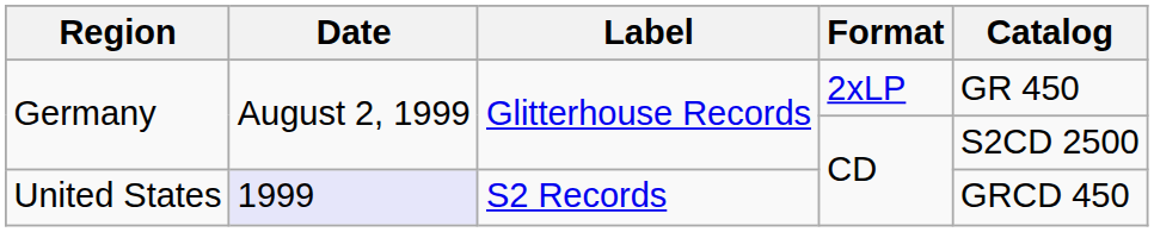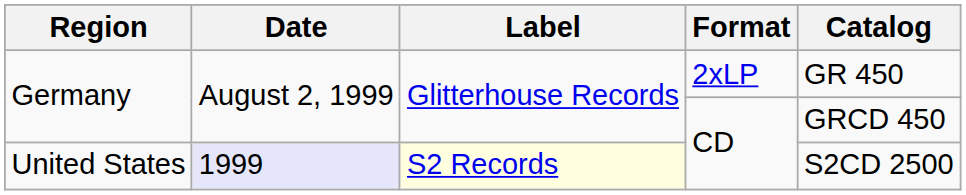 <table class="wikitable">
 <tr>
 <th>Region</th>
 <th>Date</th>
 <th>Label</th>
 <th>Format</th>
 <th>Catalog</th>
 </tr>
 <tr>
 <td rowspan="2">Germany</td>
 <td rowspan="2">August 2, 1999</td>
 <td rowspan="2"><a href='#'>Glitterhouse Records</a></td>
 <td><a href='#'>2xLP</a></td>
 <td>GR 450</td>
 </tr>
 <tr>
 <td rowspan="2">CD</td>
-<td>S2CD 2500</td>
+<td>GRCD 450</td>
 </tr>
 <tr>
 <td>United States</td>
 <td style="background: lavender;">1999</td>
-<td><a href='#'>S2 Records</a></td>
-<td>GRCD 450</td>
+<td style="background: lightyellow;"><a href='#'>S2 Records</a></td>
+<td>S2CD 2500</td>
 </tr>
 </table>
